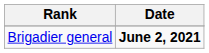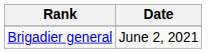 <table class="wikitable">
 <tr>
 <th>Rank</th>
 <th>Date</th>
 </tr>
 <tr>
 </tr>
 <tr>
 <td> <a href='#'>Brigadier general</a></td>
-<td><strong>June 2, 2021</strong></td>
+<td>June 2, 2021</td>
 </tr>
 </table>
